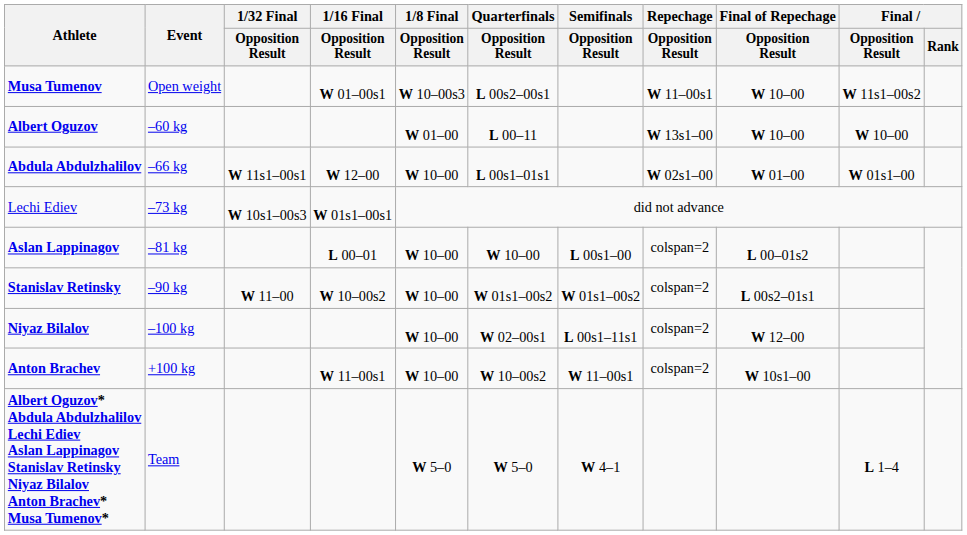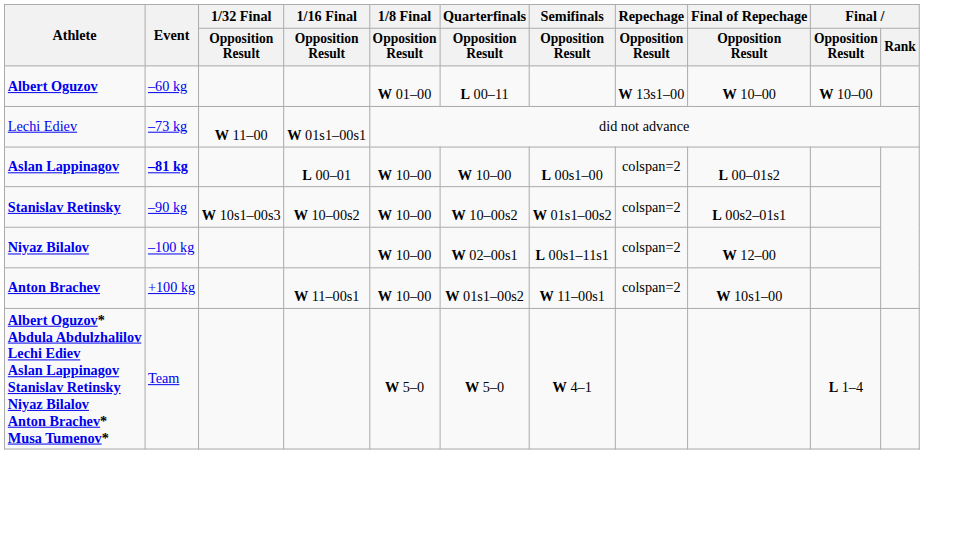 <table class="wikitable" style="text-align:center; font-size:90%">
 <tr>
 <th rowspan=2>Athlete</th>
 <th rowspan=2>Event</th>
 <th>1/32 Final</th>
 <th>1/16 Final</th>
 <th>1/8 Final</th>
 <th>Quarterfinals</th>
 <th>Semifinals</th>
 <th>Repechage</th>
 <th>Final of Repechage</th>
 <th colspan=2>Final / </th>
 </tr>
 <tr style="font-size:95%">
 <th>Opposition<br>Result</th>
 <th>Opposition<br>Result</th>
 <th>Opposition<br>Result</th>
 <th>Opposition<br>Result</th>
 <th>Opposition<br>Result</th>
 <th>Opposition<br>Result</th>
 <th>Opposition<br>Result</th>
 <th>Opposition<br>Result</th>
 <th>Rank</th>
 </tr>
 <tr>
-<td align=left><strong><a href='#'>Musa Tumenov</a></strong></td>
-<td align=left><a href='#'>Open weight</a></td>
-<td></td>
-<td><br><strong>W</strong> 01–00s1</td>
-<td><br><strong>W</strong> 10–00s3</td>
-<td><br><strong>L</strong> 00s2–00s1</td>
-<td></td>
-<td><br><strong>W</strong> 11–00s1</td>
-<td><br><strong>W</strong> 10–00</td>
-<td><br><strong>W</strong> 11s1–00s2</td>
-<td></td>
-</tr>
-<tr>
 <td align=left><strong><a href='#'>Albert Oguzov</a></strong></td>
 <td align=left><a href='#'>–60 kg</a></td>
 <td></td>
 <td></td>
 <td><br><strong>W</strong> 01–00</td>
 <td><br><strong>L</strong> 00–11</td>
 <td></td>
 <td><br><strong>W</strong> 13s1–00</td>
 <td><br><strong>W</strong> 10–00</td>
 <td><br><strong>W</strong> 10–00</td>
 <td></td>
 </tr>
 <tr>
-<td align=left><strong><a href='#'>Abdula Abdulzhalilov</a></strong></td>
-<td align=left><a href='#'>–66 kg</a></td>
-<td><br><strong>W</strong> 11s1–00s1</td>
-<td><br><strong>W</strong> 12–00</td>
-<td><br><strong>W</strong> 10–00</td>
-<td><br><strong>L</strong> 00s1–01s1</td>
-<td></td>
-<td><br><strong>W</strong> 02s1–00</td>
-<td><br><strong>W</strong> 01–00</td>
-<td><br><strong>W</strong> 01s1–00</td>
-<td></td>
-</tr>
-<tr>
 <td align=left><a href='#'>Lechi Ediev</a></td>
 <td align=left><a href='#'>–73 kg</a></td>
-<td><br><strong>W</strong> 10s1–00s3</td>
+<td><br><strong>W</strong> 11–00</td>
 <td><br><strong>W</strong> 01s1–00s1</td>
 <td colspan=7>did not advance</td>
 </tr>
 <tr>
 <td align=left><strong><a href='#'>Aslan Lappinagov</a></strong></td>
-<td align=left><a href='#'>–81 kg</a></td>
+<td align=left><strong><a href='#'>–81 kg</a></strong></td>
 <td></td>
 <td><br><strong>L</strong> 00–01</td>
 <td><br><strong>W</strong> 10–00</td>
 <td><br><strong>W</strong> 10–00</td>
 <td><br><strong>L</strong> 00s1–00</td>
 <td>colspan=2 </td>
 <td><br><strong>L</strong> 00–01s2</td>
 <td></td>
 </tr>
 <tr>
 <td align=left><strong><a href='#'>Stanislav Retinsky</a></strong></td>
 <td align=left><a href='#'>–90 kg</a></td>
-<td><br><strong>W</strong> 11–00</td>
+<td><br><strong>W</strong> 10s1–00s3</td>
 <td><br><strong>W</strong> 10–00s2</td>
 <td><br><strong>W</strong> 10–00</td>
-<td><br><strong>W</strong> 01s1–00s2</td>
+<td><br><strong>W</strong> 10–00s2</td>
 <td><br><strong>W</strong> 01s1–00s2</td>
 <td>colspan=2 </td>
 <td><br><strong>L</strong> 00s2–01s1</td>
 <td></td>
 </tr>
 <tr>
 <td align=left><strong><a href='#'>Niyaz Bilalov</a></strong></td>
 <td align=left><a href='#'>–100 kg</a></td>
 <td></td>
 <td></td>
 <td><br><strong>W</strong> 10–00</td>
 <td><br><strong>W</strong> 02–00s1</td>
 <td><br><strong>L</strong> 00s1–11s1</td>
 <td>colspan=2 </td>
 <td><br><strong>W</strong> 12–00</td>
 <td></td>
 </tr>
 <tr>
 <td align=left><strong><a href='#'>Anton Brachev</a></strong></td>
 <td align=left><a href='#'>+100 kg</a></td>
 <td></td>
 <td><br><strong>W</strong> 11–00s1</td>
 <td><br><strong>W</strong> 10–00</td>
-<td><br><strong>W</strong> 10–00s2</td>
+<td><br><strong>W</strong> 01s1–00s2</td>
 <td><br><strong>W</strong> 11–00s1</td>
 <td>colspan=2 </td>
 <td><br><strong>W</strong> 10s1–00</td>
 <td></td>
 </tr>
 <tr>
 <td align=left><strong><a href='#'>Albert Oguzov</a>*<br><a href='#'>Abdula Abdulzhalilov</a><br><a href='#'>Lechi Ediev</a><br><a href='#'>Aslan Lappinagov</a><br><a href='#'>Stanislav Retinsky</a><br><a href='#'>Niyaz Bilalov</a><br><a href='#'>Anton Brachev</a>*<br><a href='#'>Musa Tumenov</a>*</strong></td>
 <td align=left><a href='#'>Team</a></td>
 <td></td>
 <td></td>
 <td><br><strong>W</strong> 5–0</td>
 <td><br><strong>W</strong> 5–0</td>
 <td><br><strong>W</strong> 4–1</td>
 <td></td>
 <td></td>
 <td><br><strong>L</strong> 1–4</td>
 <td></td>
 </tr>
 </table>
